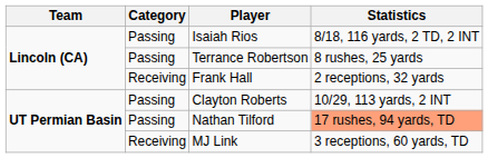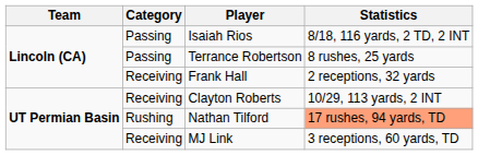 <table class="wikitable" style="float: right;">
 <tr>
 <th>Team</th>
 <th>Category</th>
 <th>Player</th>
 <th>Statistics</th>
 </tr>
 <tr>
 <td rowspan=3><strong>Lincoln (CA)</strong></td>
 <td>Passing</td>
 <td>Isaiah Rios</td>
 <td>8/18, 116 yards, 2 TD, 2 INT</td>
 </tr>
 <tr>
 <td>Passing</td>
 <td>Terrance Robertson</td>
 <td>8 rushes, 25 yards</td>
 </tr>
 <tr>
 <td>Receiving</td>
 <td>Frank Hall</td>
 <td>2 receptions, 32 yards</td>
 </tr>
 <tr>
 <td rowspan=3><strong>UT Permian Basin</strong></td>
-<td>Passing</td>
+<td>Receiving</td>
 <td>Clayton Roberts</td>
 <td>10/29, 113 yards, 2 INT</td>
 </tr>
 <tr>
-<td>Passing</td>
+<td>Rushing</td>
 <td>Nathan Tilford</td>
 <td style="background: lightsalmon;">17 rushes, 94 yards, TD</td>
 </tr>
 <tr>
 <td>Receiving</td>
 <td>MJ Link</td>
 <td>3 receptions, 60 yards, TD</td>
 </tr>
 </table>
